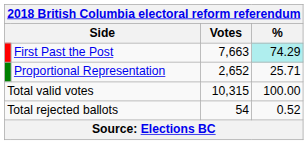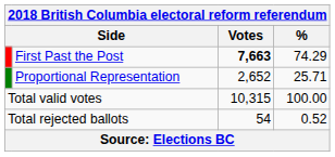 <table class="wikitable">
 <tr>
 <th colspan="4"><a href='#'>2018 British Columbia electoral reform referendum</a></th>
 </tr>
 <tr>
 <th colspan="2">Side</th>
 <th>Votes</th>
 <th>%</th>
 </tr>
 <tr>
 <td bgcolor="red"></td>
 <td><a href='#'>First Past the Post</a></td>
-<td align="right">7,663</td>
-<td align="right" style="background: paleturquoise;">74.29</td>
+<td align="right"><strong>7,663</strong></td>
+<td align="right">74.29</td>
 </tr>
 <tr>
 <td bgcolor="green"></td>
 <td><a href='#'>Proportional Representation</a></td>
 <td align="right">2,652</td>
 <td align="right">25.71</td>
 </tr>
 <tr>
 <td colspan="2">Total valid votes</td>
 <td align="right">10,315</td>
 <td align="right">100.00</td>
 </tr>
 <tr>
 <td colspan="2">Total rejected ballots</td>
 <td align="right">54</td>
 <td align="right">0.52</td>
 </tr>
 <tr>
 <th colspan="4">Source: <a href='#'>Elections BC</a></th>
 </tr>
 </table>
